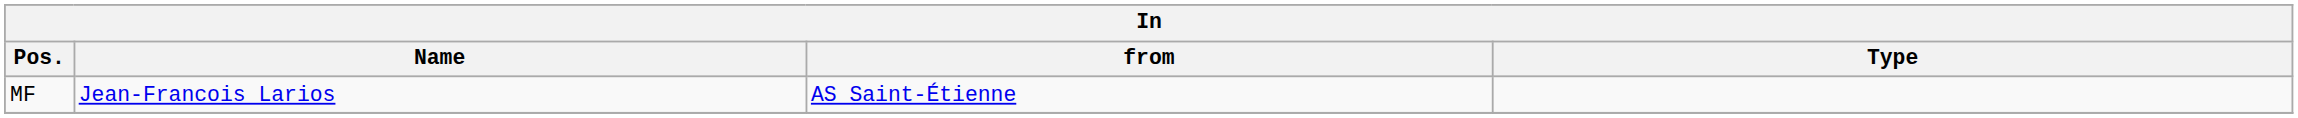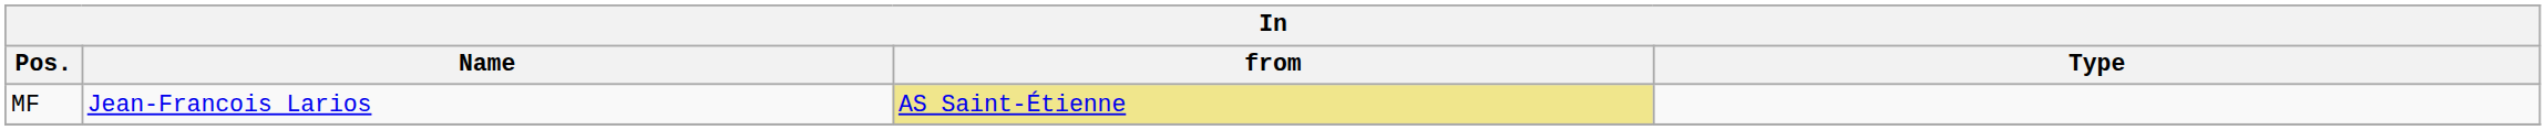 <table class="wikitable" style="font-size:90%;width:99%;">
 <tr>
 <th colspan="4">In</th>
 </tr>
 <tr>
 <th width=3%>Pos.</th>
 <th width=32%>Name</th>
 <th width=30%>from</th>
 <th width=35%>Type</th>
 </tr>
 <tr>
 <td>MF</td>
 <td><a href='#'>Jean-Francois Larios</a></td>
-<td><a href='#'>AS Saint-Étienne</a></td>
+<td style="background: khaki;"><a href='#'>AS Saint-Étienne</a></td>
 <td></td>
 </tr>
 <tr>
 </tr>
 </table>
